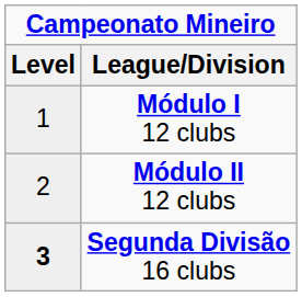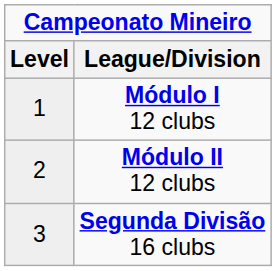 <table align="left" class="wikitable">
 <tr>
 <td colspan=2 style="text-align:center;"><strong><a href='#'>Campeonato Mineiro</a></strong></td>
 </tr>
 <tr style="background:#efefef;">
 <th>Level</th>
 <th>League/Division</th>
 </tr>
 <tr>
 <td align="center" style="background:#efefef;">1</td>
 <td align="center"><strong><a href='#'>Módulo I</a></strong><br>12 clubs</td>
 </tr>
 <tr>
 <td align="center" style="background:#efefef;">2</td>
 <td align="center"><strong><a href='#'>Módulo II</a></strong><br>12 clubs</td>
 </tr>
 <tr>
-<td align="center" style="background:#efefef;"><strong>3</strong></td>
+<td align="center" style="background:#efefef;">3</td>
 <td align="center"><strong><a href='#'>Segunda Divisão</a></strong><br>16 clubs<br></td>
 </tr>
 </table>
